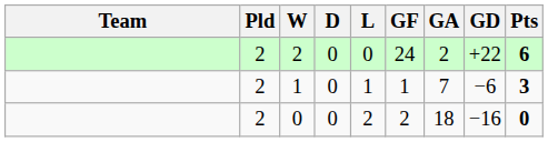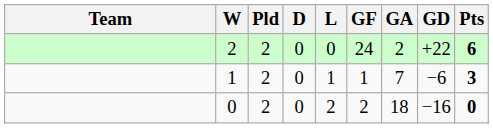 <table class="wikitable" style="text-align:center">
 <tr>
 <th width=175>Team</th>
+<th width=20>W</th>
 <th width=20>Pld</th>
-<th width=20>W</th>
 <th width=20>D</th>
 <th width=20>L</th>
 <th width=20>GF</th>
 <th width=20>GA</th>
 <th width=20>GD</th>
 <th width=20>Pts</th>
 </tr>
 <tr bgcolor=ccffcc>
 <td align=left></td>
 <td>2</td>
 <td>2</td>
 <td>0</td>
 <td>0</td>
 <td>24</td>
 <td>2</td>
 <td>+22</td>
 <td><strong>6</strong></td>
 </tr>
 <tr>
 <td align=left></td>
+<td>1</td>
 <td>2</td>
-<td>1</td>
 <td>0</td>
 <td>1</td>
 <td>1</td>
 <td>7</td>
 <td>−6</td>
 <td><strong>3</strong></td>
 </tr>
 <tr>
 <td align=left></td>
+<td>0</td>
 <td>2</td>
-<td>0</td>
 <td>0</td>
 <td>2</td>
 <td>2</td>
 <td>18</td>
 <td>−16</td>
 <td><strong>0</strong></td>
 </tr>
 </table>
